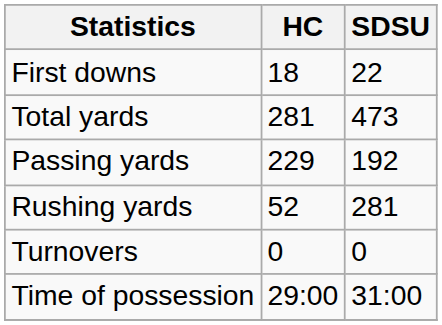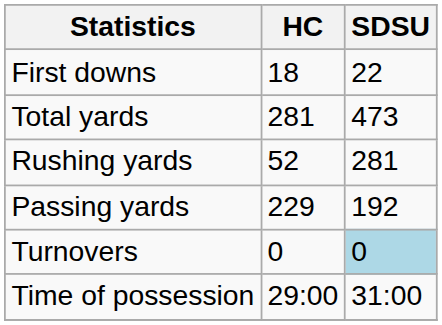 <table class="wikitable">
 <tr>
 <th>Statistics</th>
 <th>HC</th>
 <th>SDSU</th>
 </tr>
 <tr>
 <td>First downs</td>
 <td>18</td>
 <td>22</td>
 </tr>
 <tr>
 <td>Total yards</td>
 <td>281</td>
 <td>473</td>
 </tr>
 <tr>
+<td>Rushing yards</td>
+<td>52</td>
+<td>281</td>
+</tr>
+<tr>
 <td>Passing yards</td>
 <td>229</td>
 <td>192</td>
 </tr>
 <tr>
-<td>Rushing yards</td>
-<td>52</td>
-<td>281</td>
-</tr>
-<tr>
 <td>Turnovers</td>
 <td>0</td>
-<td>0</td>
+<td style="background: lightblue;">0</td>
 </tr>
 <tr>
 <td>Time of possession</td>
 <td>29:00</td>
 <td>31:00</td>
 </tr>
 <tr>
 </tr>
 </table>
